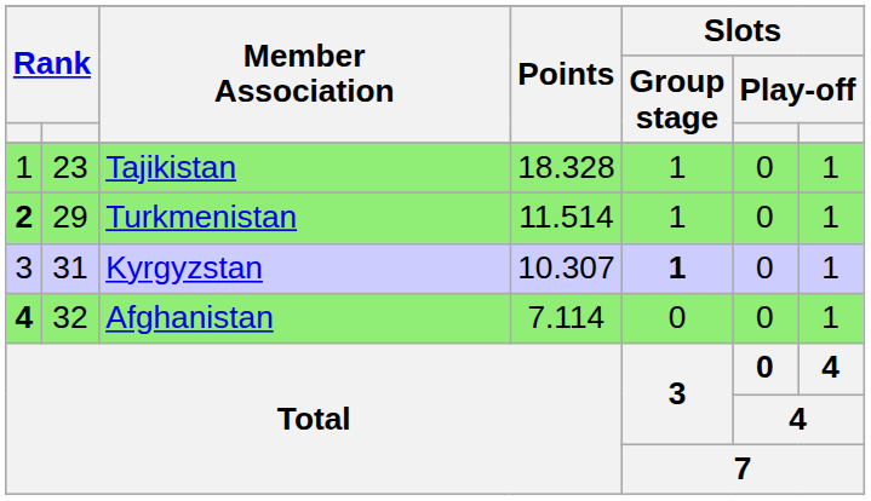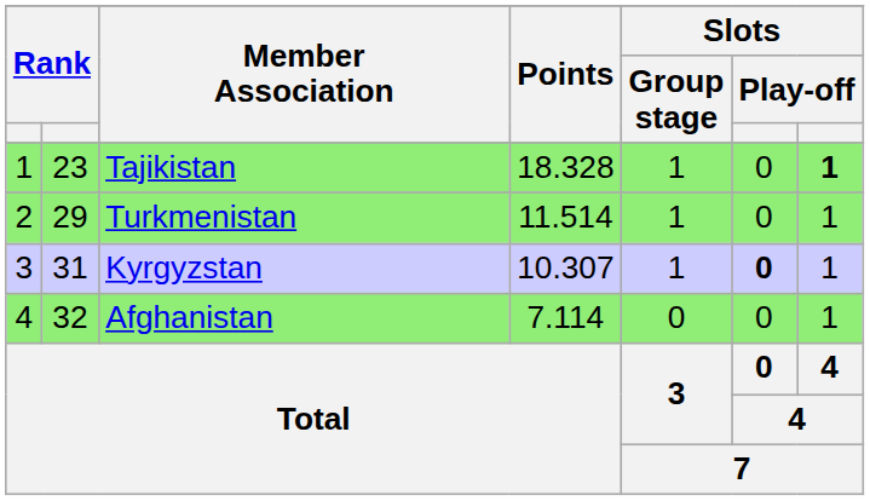 <table class="wikitable" style="text-align:center">
 <tr>
 </tr>
 <tr>
 <th colspan=2 rowspan=2><a href='#'>Rank</a></th>
 <th rowspan=3 width=200>Member<br>Association</th>
 <th rowspan=3>Points</th>
 <th colspan=4>Slots</th>
 </tr>
 <tr>
 <th rowspan=2>Group<br>stage</th>
 <th colspan=2>Play-off</th>
 </tr>
 <tr>
 <th></th>
 <th></th>
 <th></th>
 <th></th>
 </tr>
 <tr bgcolor=#90ee77>
 <td>1</td>
 <td>23</td>
 <td align=left> <a href='#'>Tajikistan</a></td>
 <td>18.328</td>
 <td>1</td>
 <td>0</td>
-<td>1</td>
+<td><strong>1</strong></td>
 </tr>
 <tr bgcolor=#90ee77>
-<td><strong>2</strong></td>
+<td>2</td>
 <td>29</td>
 <td align=left> <a href='#'>Turkmenistan</a></td>
 <td>11.514</td>
 <td>1</td>
 <td>0</td>
 <td>1</td>
 </tr>
 <tr bgcolor=#ccccff>
 <td>3</td>
 <td>31</td>
 <td align=left> <a href='#'>Kyrgyzstan</a></td>
 <td>10.307</td>
-<td><strong>1</strong></td>
-<td>0</td>
+<td>1</td>
+<td><strong>0</strong></td>
 <td>1</td>
 </tr>
 <tr bgcolor=#90ee77>
-<td><strong>4</strong></td>
+<td>4</td>
 <td>32</td>
 <td align=left> <a href='#'>Afghanistan</a></td>
 <td>7.114</td>
 <td>0</td>
 <td>0</td>
 <td>1</td>
 </tr>
 <tr>
 <th colspan=4 rowspan=3>Total</th>
 <th rowspan=2>3</th>
 <th>0</th>
 <th>4</th>
 </tr>
 <tr>
 <th colspan=2>4</th>
 </tr>
 <tr>
 <th colspan=3>7</th>
 </tr>
 </table>
